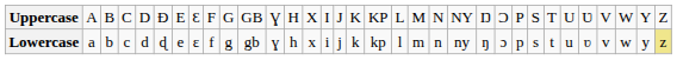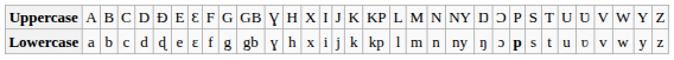 <table class="wikitable" style="text-align: center; vertical-align: middle;">
 <tr>
 <th>Uppercase</th>
 <td>A</td>
 <td>B</td>
 <td>C</td>
 <td>D</td>
 <td>Ɖ</td>
 <td>E</td>
 <td>Ɛ</td>
 <td>F</td>
 <td>G</td>
 <td>GB</td>
 <td>Ɣ</td>
 <td>H</td>
 <td>X</td>
 <td>I</td>
 <td>J</td>
 <td>K</td>
 <td>KP</td>
 <td>L</td>
 <td>M</td>
 <td>N</td>
 <td>NY</td>
 <td>Ŋ</td>
 <td>Ɔ</td>
 <td>P</td>
 <td>S</td>
 <td>T</td>
 <td>U</td>
 <td>Ʋ</td>
 <td>V</td>
 <td>W</td>
 <td>Y</td>
 <td>Z</td>
 </tr>
 <tr>
 <th>Lowercase</th>
 <td>a</td>
 <td>b</td>
 <td>c</td>
 <td>d</td>
 <td>ɖ</td>
 <td>e</td>
 <td>ɛ</td>
 <td>f</td>
 <td>g</td>
 <td>gb</td>
 <td>ɣ</td>
 <td>h</td>
 <td>x</td>
 <td>i</td>
 <td>j</td>
 <td>k</td>
 <td>kp</td>
 <td>l</td>
 <td>m</td>
 <td>n</td>
 <td>ny</td>
 <td>ŋ</td>
 <td>ɔ</td>
-<td>p</td>
+<td><strong>p</strong></td>
 <td>s</td>
 <td>t</td>
 <td>u</td>
 <td>ʋ</td>
 <td>v</td>
 <td>w</td>
 <td>y</td>
-<td style="background: khaki;">z</td>
+<td>z</td>
 </tr>
 </table>
